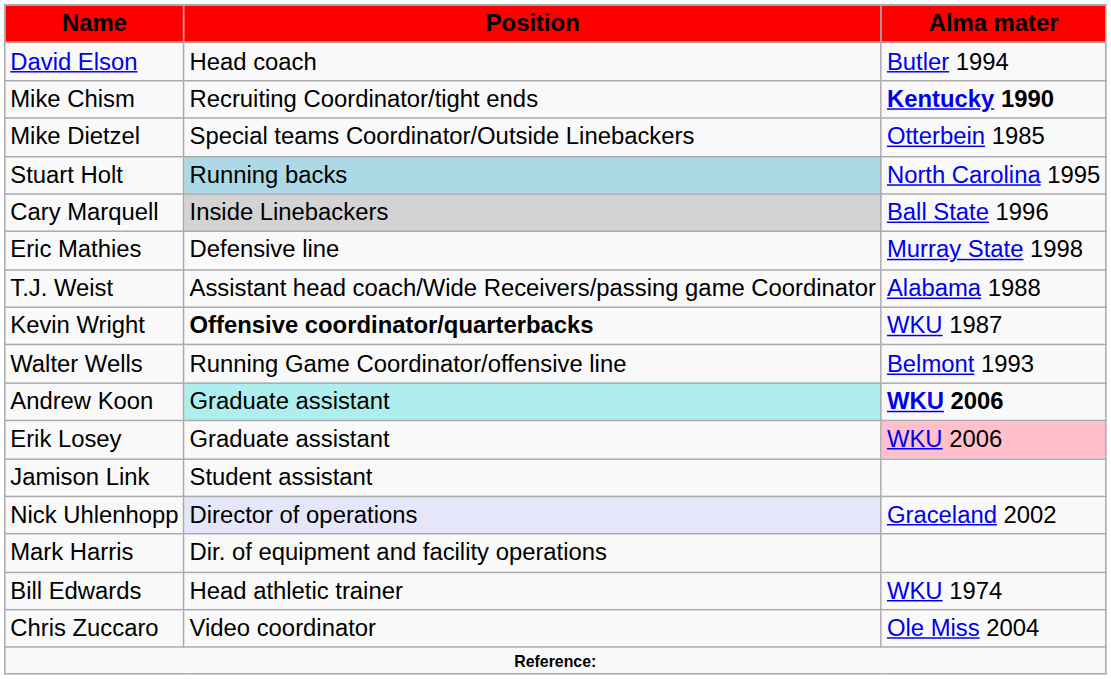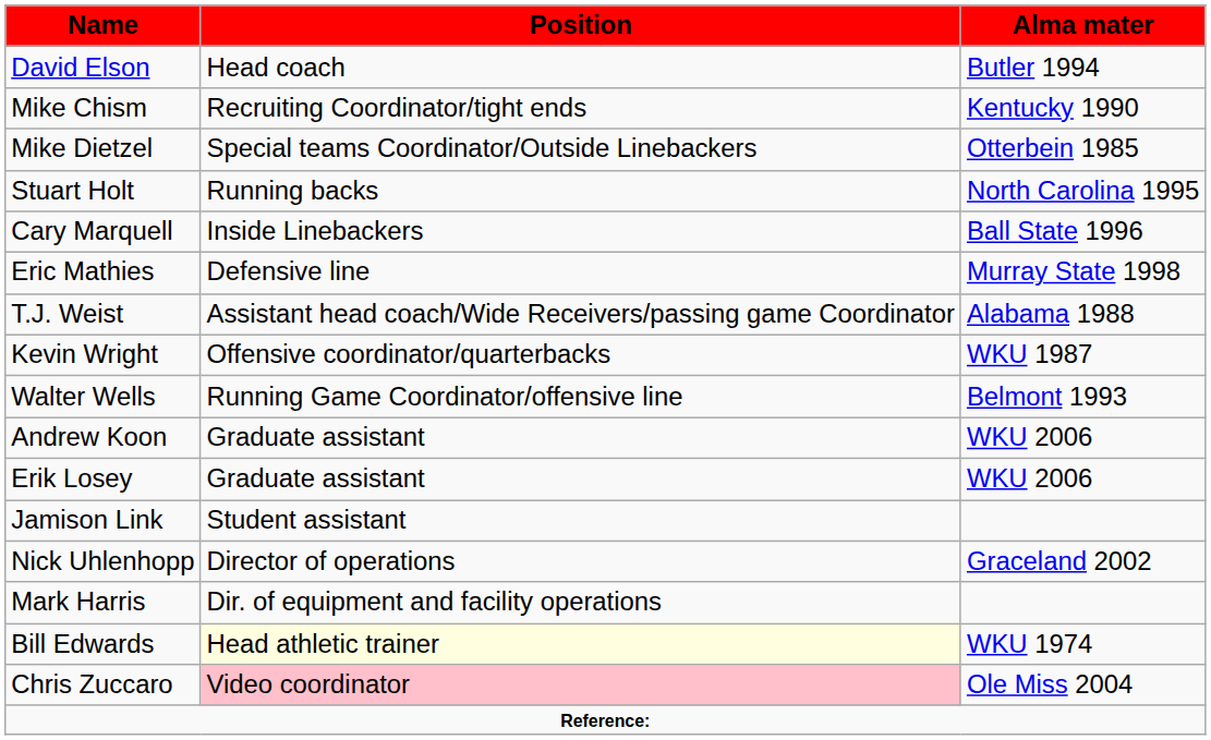 <table class="wikitable">
 <tr style="background: red">
 <td align=center><span><strong>Name</strong></span></td>
 <td align=center><span><strong>Position</strong></span></td>
 <td align=center><span><strong>Alma mater</strong></span></td>
 </tr>
 <tr>
 <td><a href='#'>David Elson</a></td>
 <td>Head coach</td>
 <td><a href='#'>Butler</a> 1994</td>
 </tr>
 <tr>
 <td>Mike Chism</td>
 <td>Recruiting Coordinator/tight ends</td>
-<td><strong><a href='#'>Kentucky</a> 1990</strong></td>
+<td><a href='#'>Kentucky</a> 1990</td>
 </tr>
 <tr>
 <td>Mike Dietzel</td>
 <td>Special teams Coordinator/Outside Linebackers</td>
 <td><a href='#'>Otterbein</a> 1985</td>
 </tr>
 <tr>
 <td>Stuart Holt</td>
-<td style="background: lightblue;">Running backs</td>
+<td>Running backs</td>
 <td><a href='#'>North Carolina</a> 1995</td>
 </tr>
 <tr>
 <td>Cary Marquell</td>
-<td style="background: lightgrey;">Inside Linebackers</td>
+<td>Inside Linebackers</td>
 <td><a href='#'>Ball State</a> 1996</td>
 </tr>
 <tr>
 <td>Eric Mathies</td>
 <td>Defensive line</td>
 <td><a href='#'>Murray State</a> 1998</td>
 </tr>
 <tr>
 <td>T.J. Weist</td>
 <td>Assistant head coach/Wide Receivers/passing game Coordinator</td>
 <td><a href='#'>Alabama</a> 1988</td>
 </tr>
 <tr>
 <td>Kevin Wright</td>
-<td><strong>Offensive coordinator/quarterbacks</strong></td>
+<td>Offensive coordinator/quarterbacks</td>
 <td><a href='#'>WKU</a> 1987</td>
 </tr>
 <tr>
 <td>Walter Wells</td>
 <td>Running Game Coordinator/offensive line</td>
 <td><a href='#'>Belmont</a> 1993</td>
 </tr>
 <tr>
 <td>Andrew Koon</td>
-<td style="background: paleturquoise;">Graduate assistant</td>
-<td><strong><a href='#'>WKU</a> 2006</strong></td>
+<td>Graduate assistant</td>
+<td><a href='#'>WKU</a> 2006</td>
 </tr>
 <tr>
 <td>Erik Losey</td>
 <td>Graduate assistant</td>
-<td style="background: pink;"><a href='#'>WKU</a> 2006</td>
+<td><a href='#'>WKU</a> 2006</td>
 </tr>
 <tr>
 <td>Jamison Link</td>
 <td>Student assistant</td>
 <td></td>
 </tr>
 <tr>
 <td>Nick Uhlenhopp</td>
-<td style="background: lavender;">Director of operations</td>
+<td>Director of operations</td>
 <td><a href='#'>Graceland</a> 2002</td>
 </tr>
 <tr>
 <td>Mark Harris</td>
 <td>Dir. of equipment and facility operations</td>
 <td></td>
 </tr>
 <tr>
 <td>Bill Edwards</td>
-<td>Head athletic trainer</td>
+<td style="background: lightyellow;">Head athletic trainer</td>
 <td><a href='#'>WKU</a> 1974</td>
 </tr>
 <tr>
 <td>Chris Zuccaro</td>
-<td>Video coordinator</td>
+<td style="background: pink;">Video coordinator</td>
 <td><a href='#'>Ole Miss</a> 2004</td>
 </tr>
 <tr>
 <td colspan="4"  style="font-size:8pt; text-align:center;"><strong>Reference:</strong></td>
 </tr>
 </table>
